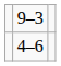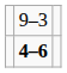 <table class="wikitable">
 <tr>
 <td align=center><strong></strong></td>
 <td align=center>9–3</td>
 <td align=center></td>
 </tr>
 <tr>
 <td align=center></td>
-<td align=center>4–6</td>
+<td align=center><strong>4–6</strong></td>
 <td align=center><strong></strong></td>
 </tr>
 </table>
